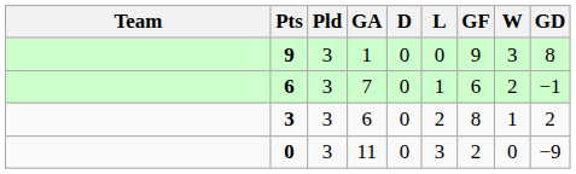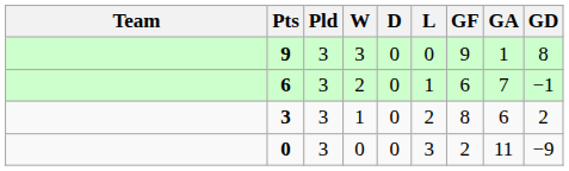 <table class="wikitable" style="text-align:center;">
 <tr>
 <th width=200>Team</th>
 <th width=20>Pts</th>
 <th width=20>Pld</th>
-<th width=20>GA</th>
+<th width=20>W</th>
 <th width=20>D</th>
 <th width=20>L</th>
 <th width=20>GF</th>
-<th width=20>W</th>
+<th width=20>GA</th>
 <th width=20>GD</th>
 </tr>
 <tr bgcolor=#CCFFCC>
 <td align=left></td>
 <td><strong>9</strong></td>
 <td>3</td>
-<td>1</td>
+<td>3</td>
 <td>0</td>
 <td>0</td>
 <td>9</td>
-<td>3</td>
+<td>1</td>
 <td>8</td>
 </tr>
 <tr bgcolor=#CCFFCC>
 <td align=left></td>
 <td><strong>6</strong></td>
 <td>3</td>
-<td>7</td>
+<td>2</td>
 <td>0</td>
 <td>1</td>
 <td>6</td>
-<td>2</td>
+<td>7</td>
 <td>−1</td>
 </tr>
 <tr>
 <td align=left></td>
 <td><strong>3</strong></td>
 <td>3</td>
-<td>6</td>
+<td>1</td>
 <td>0</td>
 <td>2</td>
 <td>8</td>
-<td>1</td>
+<td>6</td>
 <td>2</td>
 </tr>
 <tr>
 <td align=left></td>
 <td><strong>0</strong></td>
 <td>3</td>
-<td>11</td>
+<td>0</td>
 <td>0</td>
 <td>3</td>
 <td>2</td>
-<td>0</td>
+<td>11</td>
 <td>−9</td>
 </tr>
 </table>
